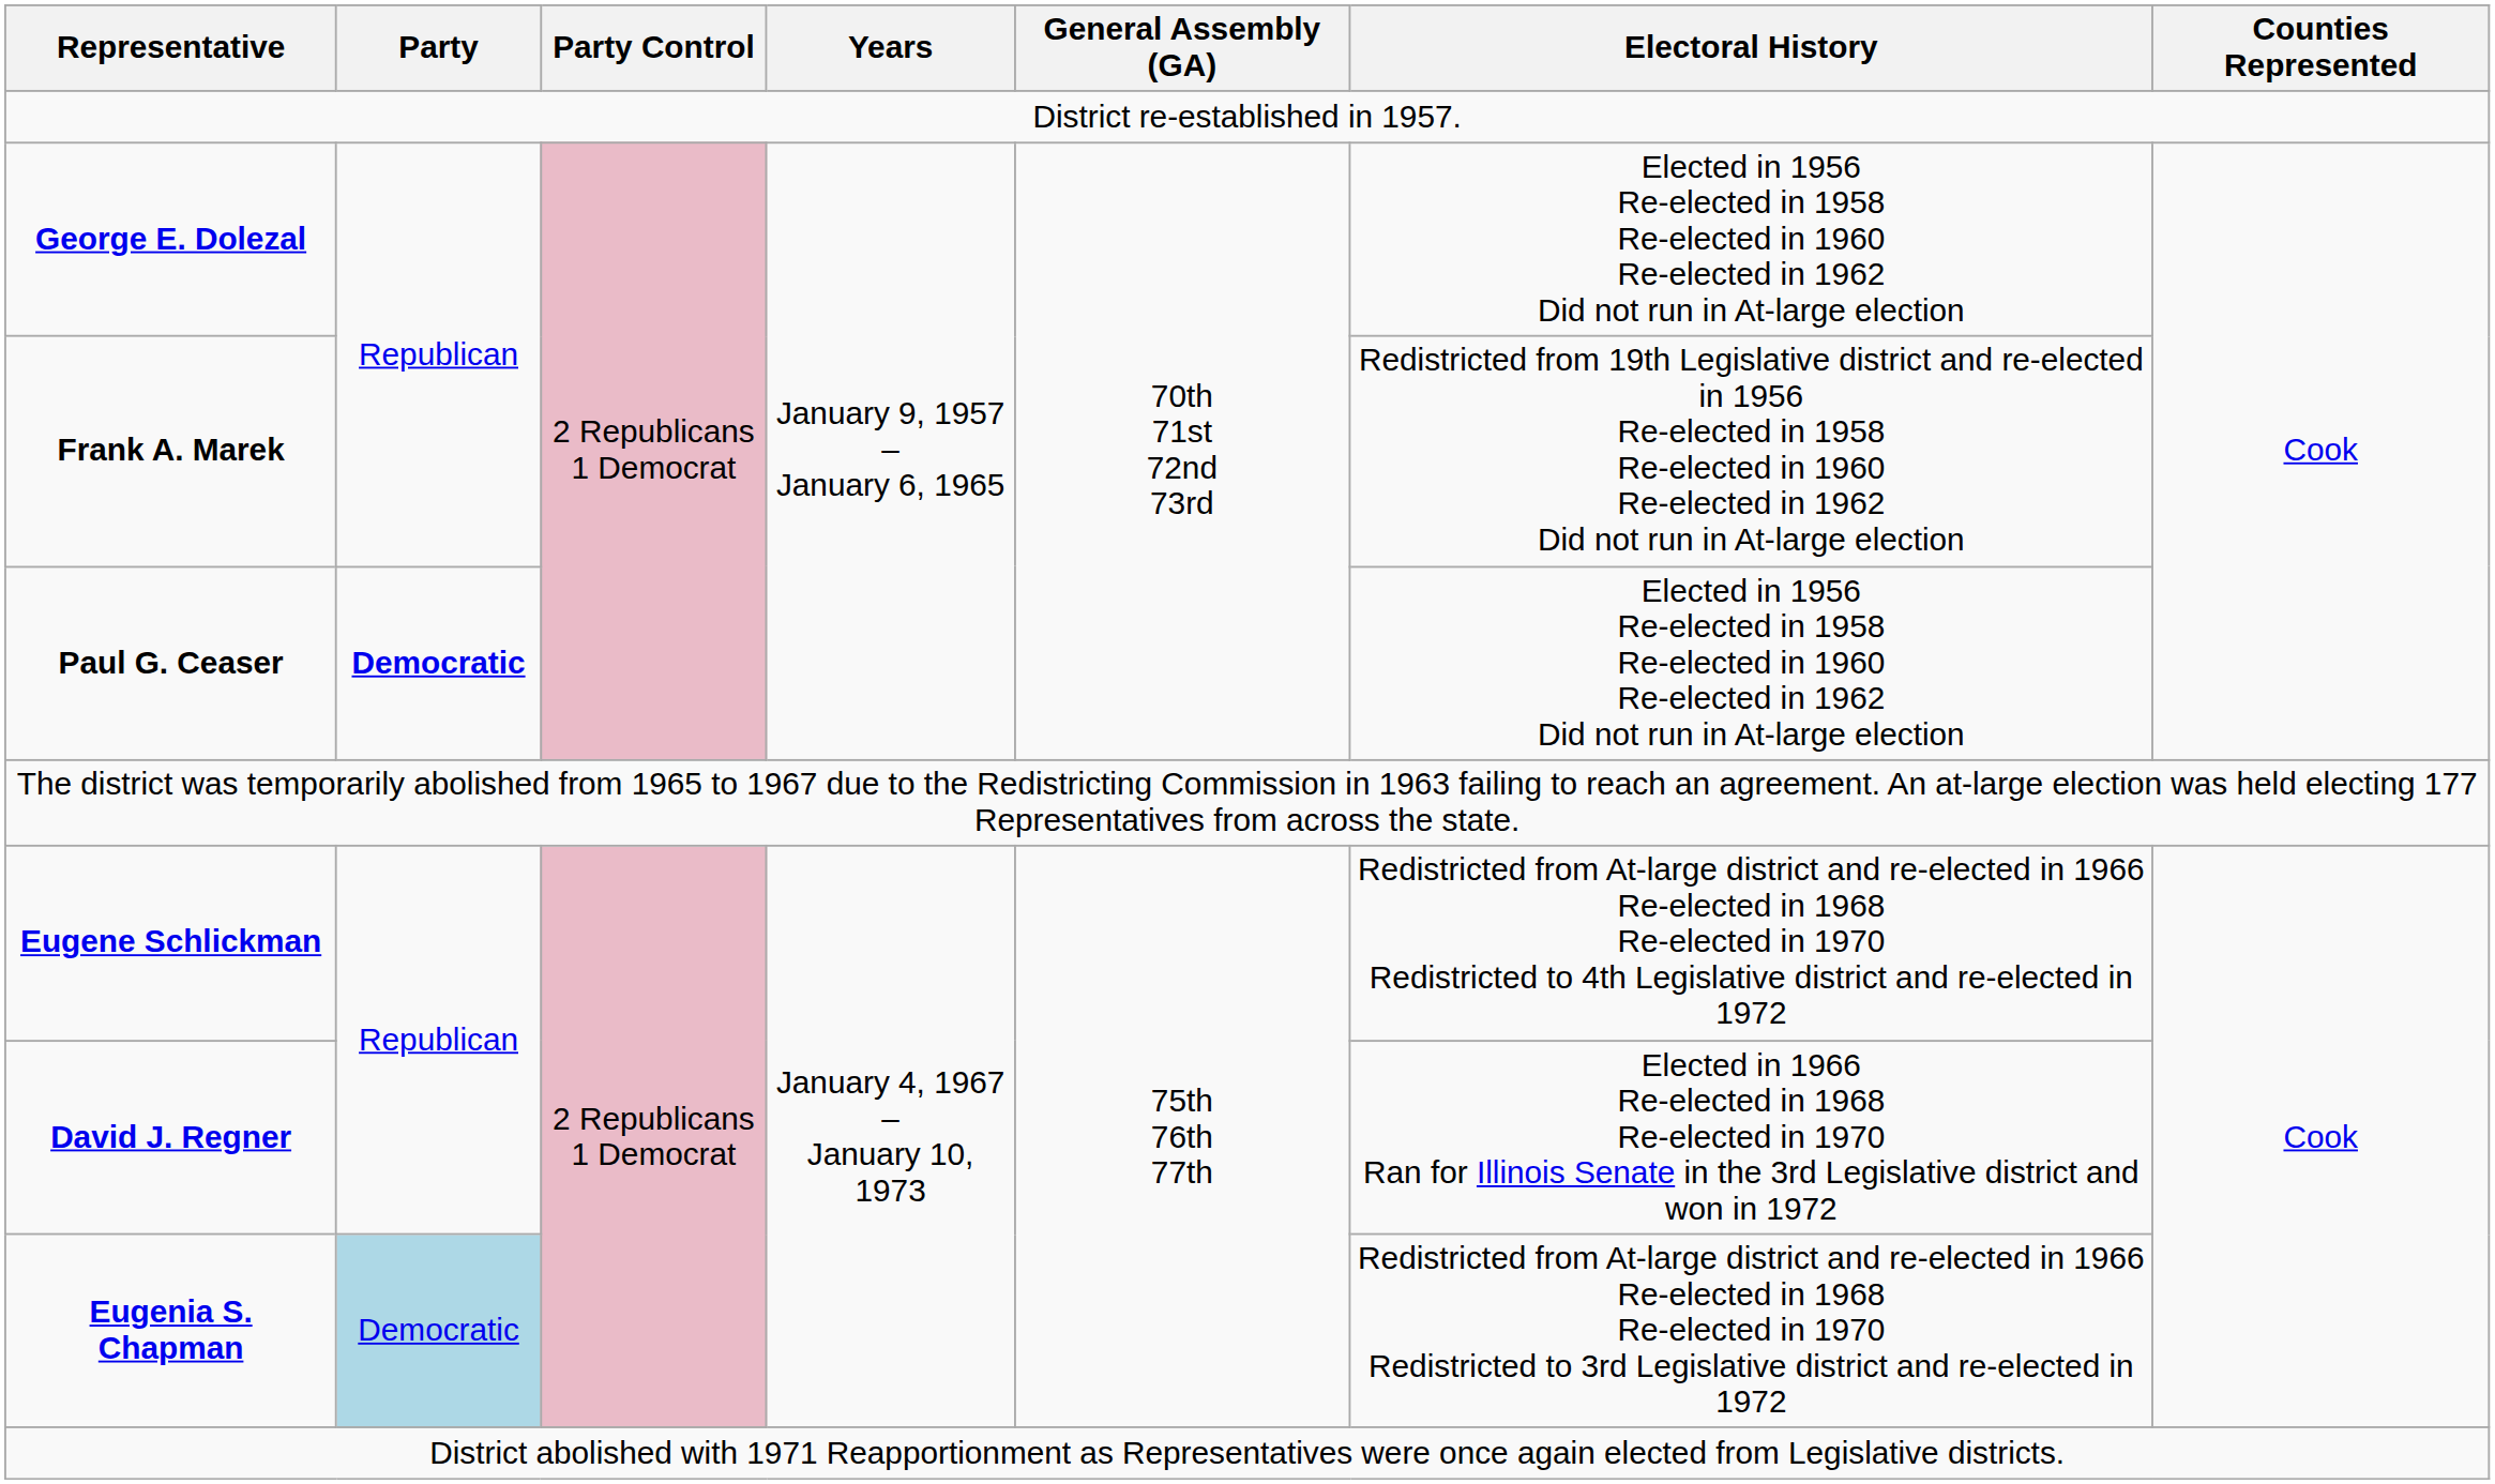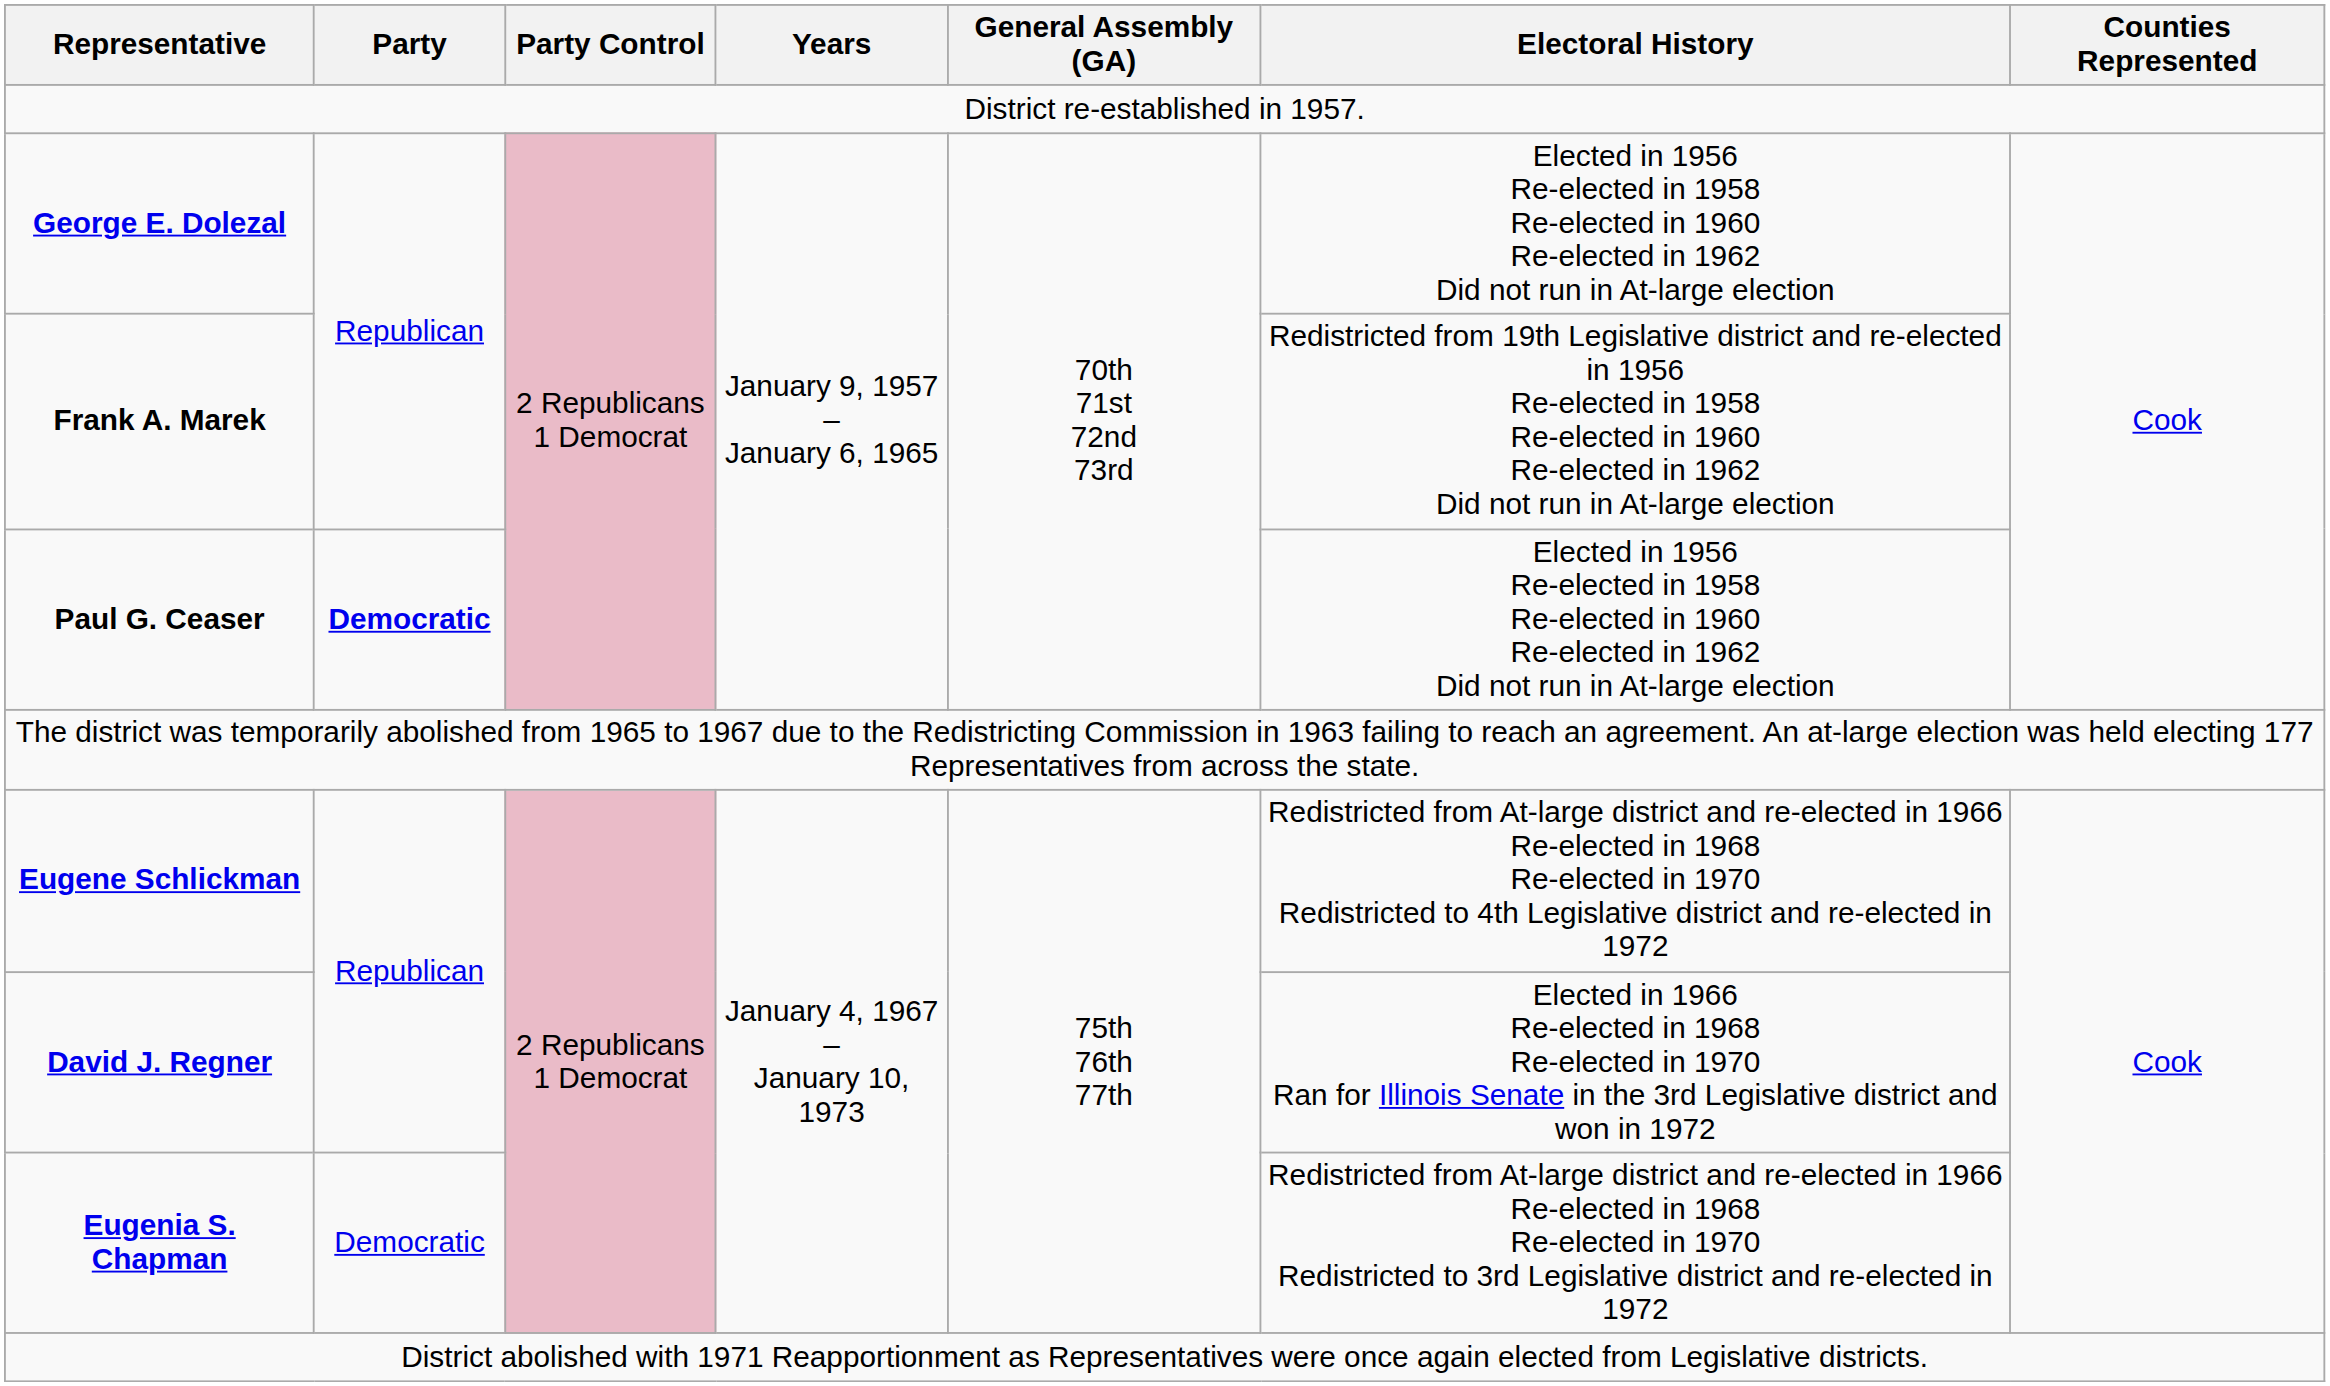 <table class="wikitable" style="text-align:center">
 <tr>
 <th>Representative</th>
 <th>Party</th>
 <th>Party Control</th>
 <th>Years</th>
 <th>General Assembly (GA)</th>
 <th>Electoral History</th>
 <th>Counties Represented</th>
 </tr>
 <tr>
 <td colspan=7>District re-established in 1957.</td>
 </tr>
 <tr>
 <td><strong><a href='#'>George E. Dolezal</a></strong></td>
 <td rowspan=2 ><a href='#'>Republican</a></td>
 <td rowspan=3 /bgcolor=#eabbc8>2 Republicans<br>1 Democrat</td>
 <td rowspan=3>January 9, 1957 –<br>January 6, 1965</td>
 <td rowspan=3>70th<br>71st<br>72nd<br>73rd</td>
 <td>Elected in 1956<br>Re-elected in 1958<br>Re-elected in 1960<br>Re-elected in 1962<br>Did not run in At-large election</td>
 <td rowspan=3><a href='#'>Cook</a></td>
 </tr>
 <tr>
 <td><strong>Frank A. Marek</strong></td>
 <td>Redistricted from 19th Legislative district and re-elected in 1956<br>Re-elected in 1958<br>Re-elected in 1960<br>Re-elected in 1962<br>Did not run in At-large election</td>
 </tr>
 <tr>
 <td><strong>Paul G. Ceaser</strong> </td>
 <td><strong><a href='#'>Democratic</a></strong></td>
 <td>Elected in 1956<br>Re-elected in 1958<br>Re-elected in 1960<br>Re-elected in 1962<br>Did not run in At-large election</td>
 </tr>
 <tr>
 <td colspan=7>The district was temporarily abolished from 1965 to 1967 due to the Redistricting Commission in 1963 failing to reach an agreement. An at-large election was held electing 177 Representatives from across the state.</td>
 </tr>
 <tr>
 <td><strong><a href='#'>Eugene Schlickman</a></strong></td>
 <td rowspan=2 ><a href='#'>Republican</a></td>
 <td rowspan=3 /bgcolor=#eabbc8>2 Republicans<br>1 Democrat</td>
 <td rowspan=3>January 4, 1967 –<br>January 10, 1973</td>
 <td rowspan=3>75th<br>76th<br>77th</td>
 <td>Redistricted from At-large district and re-elected in 1966<br>Re-elected in 1968<br>Re-elected in 1970<br>Redistricted to 4th Legislative district and re-elected in 1972</td>
 <td rowspan=3><a href='#'>Cook</a></td>
 </tr>
 <tr>
 <td><strong><a href='#'>David J. Regner</a></strong></td>
 <td>Elected in 1966<br>Re-elected in 1968<br>Re-elected in 1970<br>Ran for <a href='#'>Illinois Senate</a> in the 3rd Legislative district and won in 1972</td>
 </tr>
 <tr>
 <td><strong><a href='#'>Eugenia S. Chapman</a></strong></td>
-<td style="background: lightblue;"><a href='#'>Democratic</a></td>
+<td><a href='#'>Democratic</a></td>
 <td>Redistricted from At-large district and re-elected in 1966<br>Re-elected in 1968<br>Re-elected in 1970<br>Redistricted to 3rd Legislative district and re-elected in 1972</td>
 </tr>
 <tr>
 <td colspan=7>District abolished with 1971 Reapportionment as Representatives were once again elected from Legislative districts.</td>
 </tr>
 </table>
